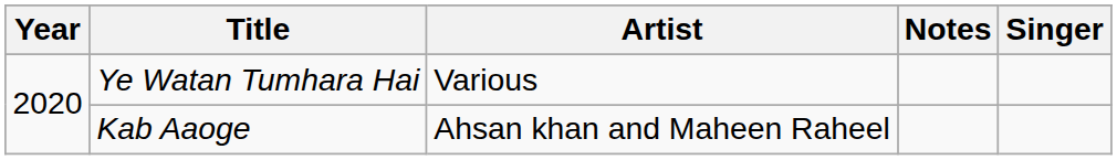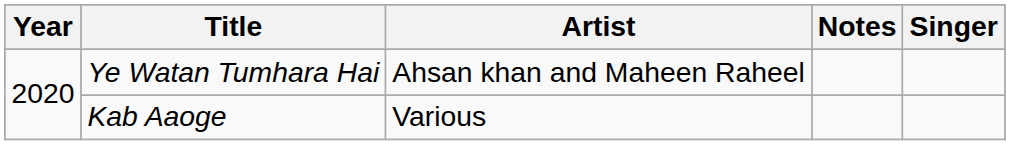 <table class="wikitable">
 <tr>
 <th>Year</th>
 <th>Title</th>
 <th>Artist</th>
 <th>Notes</th>
 <th>Singer</th>
 </tr>
 <tr>
 <td rowspan="2">2020</td>
 <td><em>Ye Watan Tumhara Hai</em></td>
-<td>Various</td>
+<td>Ahsan khan and Maheen Raheel</td>
 <td></td>
 <td></td>
 </tr>
 <tr>
 <td><em>Kab Aaoge</em></td>
-<td>Ahsan khan and Maheen Raheel</td>
+<td>Various</td>
 <td></td>
 <td></td>
 </tr>
 </table>
